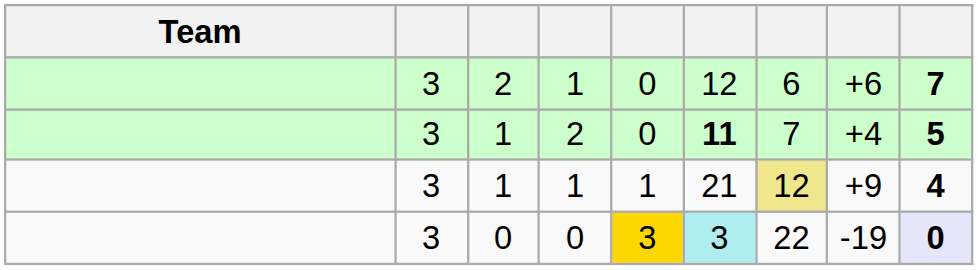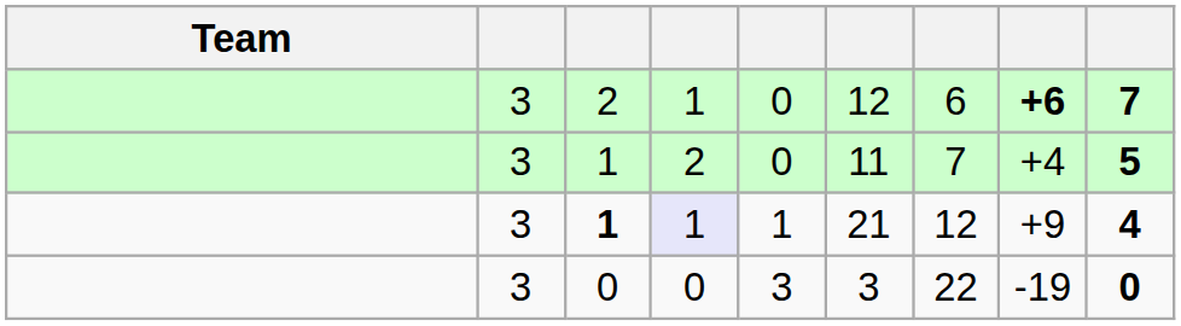 <table class="wikitable" style="text-align: center; font-size: 90%;">
 <tr>
 <th width="165">Team</th>
 <th width="25"></th>
 <th width="25"></th>
 <th width="25"></th>
 <th width="25"></th>
 <th width="25"></th>
 <th width="25"></th>
 <th width="25"></th>
 <th width="25"><br></th>
 </tr>
 <tr align=center bgcolor="ccffcc">
 <td style="text-align:left;"></td>
 <td>3</td>
 <td>2</td>
 <td>1</td>
 <td>0</td>
 <td>12</td>
 <td>6</td>
-<td>+6</td>
+<td><strong>+6</strong></td>
 <td><strong>7</strong></td>
 </tr>
 <tr align=center bgcolor="ccffcc">
 <td style="text-align:left;"></td>
 <td>3</td>
 <td>1</td>
 <td>2</td>
 <td>0</td>
-<td><strong>11</strong></td>
+<td>11</td>
 <td>7</td>
 <td>+4</td>
 <td><strong>5</strong></td>
 </tr>
 <tr align=center>
 <td style="text-align:left;"></td>
 <td>3</td>
-<td>1</td>
-<td>1</td>
+<td><strong>1</strong></td>
+<td style="background: lavender;">1</td>
 <td>1</td>
 <td>21</td>
-<td style="background: khaki;">12</td>
+<td>12</td>
 <td>+9</td>
 <td><strong>4</strong></td>
 </tr>
 <tr align=center>
 <td style="text-align:left;"></td>
 <td>3</td>
 <td>0</td>
 <td>0</td>
-<td style="background: gold;">3</td>
-<td style="background: paleturquoise;">3</td>
+<td>3</td>
+<td>3</td>
 <td>22</td>
 <td>-19</td>
-<td style="background: lavender;"><strong>0</strong></td>
+<td><strong>0</strong></td>
 </tr>
 </table>
